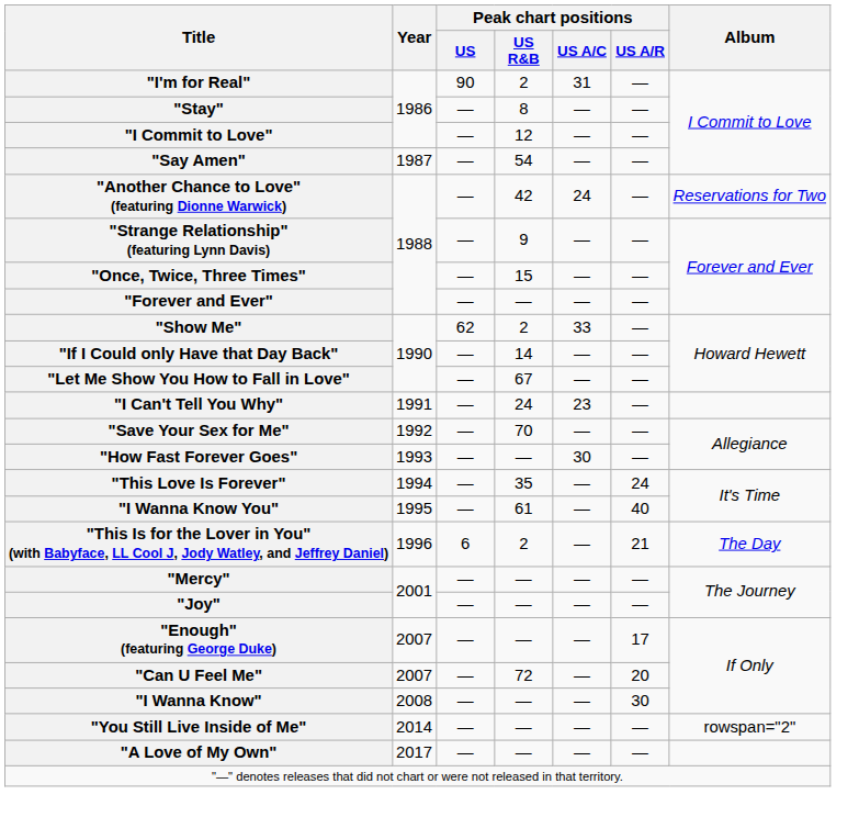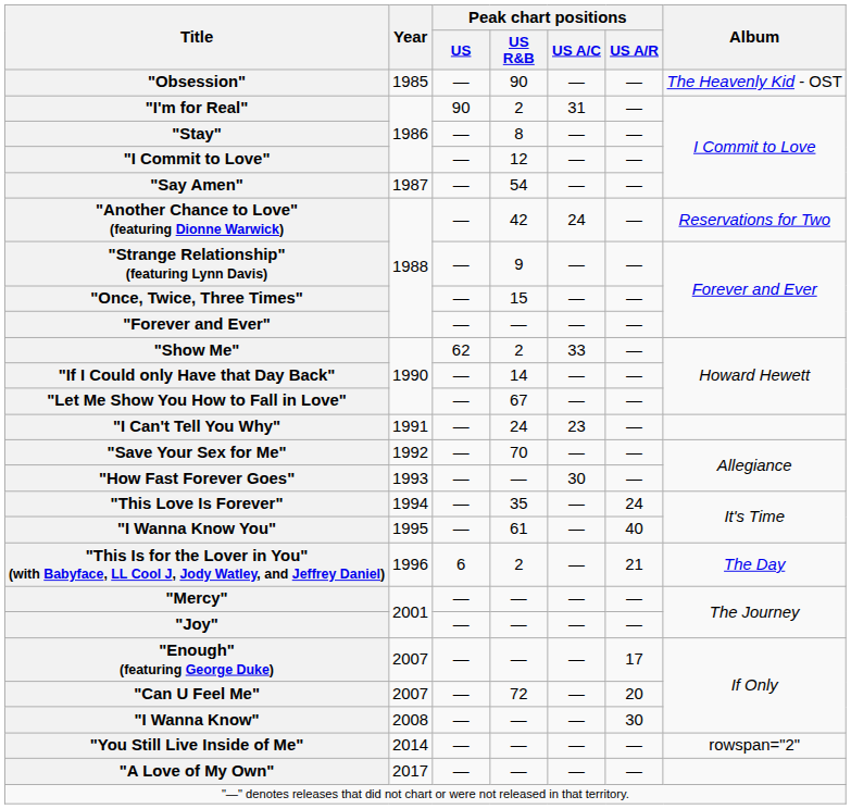 <table class="wikitable plainrowheaders" style="text-align: center;" border="1">
 <tr>
 <th rowspan="2">Title</th>
 <th rowspan="2">Year</th>
 <th colspan="4">Peak chart positions</th>
 <th rowspan="2">Album</th>
 </tr>
 <tr>
 <th scope="col" style="width:3.5em;font-size:90%;"><a href='#'>US</a><br></th>
 <th scope="col" style="width:3.5em;font-size:90%;"><a href='#'>US R&B</a><br></th>
 <th scope="col" style="width:3.5em;font-size:90%;"><a href='#'>US A/C</a><br></th>
 <th scope="col" style="width:3.5em;font-size:90%;"><a href='#'>US A/R</a><br></th>
+</tr>
+<tr>
+<th scope="row">"Obsession"</th>
+<td rowspan="1">1985</td>
+<td>—</td>
+<td>90</td>
+<td>—</td>
+<td>—</td>
+<td><em><a href='#'>The Heavenly Kid</a></em> - OST</td>
 </tr>
 <tr>
 <th scope="row">"I'm for Real"</th>
 <td rowspan="3">1986</td>
 <td>90</td>
 <td>2</td>
 <td>31</td>
 <td>—</td>
 <td rowspan="4"><em><a href='#'>I Commit to Love</a></em></td>
 </tr>
 <tr>
 <th scope="row">"Stay"</th>
 <td>—</td>
 <td>8</td>
 <td>—</td>
 <td>—</td>
 </tr>
 <tr>
 <th scope="row">"I Commit to Love"</th>
 <td>—</td>
 <td>12</td>
 <td>—</td>
 <td>—</td>
 </tr>
 <tr>
 <th scope="row">"Say Amen"</th>
 <td rowspan="1">1987</td>
 <td>—</td>
 <td>54</td>
 <td>—</td>
 <td>—</td>
 </tr>
 <tr>
 <th scope="row">"Another Chance to Love"<br><small>(featuring <a href='#'>Dionne Warwick</a>)</small></th>
 <td rowspan="4">1988</td>
 <td>—</td>
 <td>42</td>
 <td>24</td>
 <td>—</td>
 <td rowspan="1"><em><a href='#'>Reservations for Two</a></em></td>
 </tr>
 <tr>
 <th scope="row">"Strange Relationship"<br><small>(featuring Lynn Davis)</small></th>
 <td>—</td>
 <td>9</td>
 <td>—</td>
 <td>—</td>
 <td rowspan="3"><em><a href='#'>Forever and Ever</a></em></td>
 </tr>
 <tr>
 <th scope="row">"Once, Twice, Three Times"</th>
 <td>—</td>
 <td>15</td>
 <td>—</td>
 <td>—</td>
 </tr>
 <tr>
 <th scope="row">"Forever and Ever"</th>
 <td>—</td>
 <td>—</td>
 <td>—</td>
 <td>—</td>
 </tr>
 <tr>
 <th scope="row">"Show Me"</th>
 <td rowspan="3">1990</td>
 <td>62</td>
 <td>2</td>
 <td>33</td>
 <td>—</td>
 <td rowspan="3"><em>Howard Hewett</em></td>
 </tr>
 <tr>
 <th scope="row">"If I Could only Have that Day Back"</th>
 <td>—</td>
 <td>14</td>
 <td>—</td>
 <td>—</td>
 </tr>
 <tr>
 <th scope="row">"Let Me Show You How to Fall in Love"</th>
 <td>—</td>
 <td>67</td>
 <td>—</td>
 <td>—</td>
 </tr>
 <tr>
 <th scope="row">"I Can't Tell You Why"</th>
 <td rowspan="1">1991</td>
 <td>—</td>
 <td>24</td>
 <td>23</td>
 <td>—</td>
 <td></td>
 </tr>
 <tr>
 <th scope="row">"Save Your Sex for Me"</th>
 <td rowspan="1">1992</td>
 <td>—</td>
 <td>70</td>
 <td>—</td>
 <td>—</td>
 <td rowspan="2"><em>Allegiance</em></td>
 </tr>
 <tr>
 <th scope="row">"How Fast Forever Goes"</th>
 <td rowspan="1">1993</td>
 <td>—</td>
 <td>—</td>
 <td>30</td>
 <td>—</td>
 </tr>
 <tr>
 <th scope="row">"This Love Is Forever"</th>
 <td rowspan="1">1994</td>
 <td>—</td>
 <td>35</td>
 <td>—</td>
 <td>24</td>
 <td rowspan="2"><em>It's Time</em></td>
 </tr>
 <tr>
 <th scope="row">"I Wanna Know You"</th>
 <td rowspan="1">1995</td>
 <td>—</td>
 <td>61</td>
 <td>—</td>
 <td>40</td>
 </tr>
 <tr>
 <th scope="row">"This Is for the Lover in You"<br><small>(with <a href='#'>Babyface</a>, <a href='#'>LL Cool J</a>, <a href='#'>Jody Watley</a>, and <a href='#'>Jeffrey Daniel</a>)</small></th>
 <td rowspan="1">1996</td>
 <td>6</td>
 <td>2</td>
 <td>—</td>
 <td>21</td>
 <td rowspan="1"><em><a href='#'>The Day</a></em></td>
 </tr>
 <tr>
 <th scope="row">"Mercy"</th>
 <td rowspan="2">2001</td>
 <td>—</td>
 <td>—</td>
 <td>—</td>
 <td>—</td>
 <td rowspan="2"><em>The Journey</em></td>
 </tr>
 <tr>
 <th scope="row">"Joy"</th>
 <td>—</td>
 <td>—</td>
 <td>—</td>
 <td>—</td>
 </tr>
 <tr>
 <th scope="row">"Enough"<br><small>(featuring <a href='#'>George Duke</a>)</small></th>
 <td rowspan="1">2007</td>
 <td>—</td>
 <td>—</td>
 <td>—</td>
 <td>17</td>
 <td rowspan="3"><em>If Only</em></td>
 </tr>
 <tr>
 <th scope="row">"Can U Feel Me"</th>
 <td rowspan="1">2007</td>
 <td>—</td>
 <td>72</td>
 <td>—</td>
 <td>20</td>
 </tr>
 <tr>
 <th scope="row">"I Wanna Know"</th>
 <td rowspan="1">2008</td>
 <td>—</td>
 <td>—</td>
 <td>—</td>
 <td>30</td>
 </tr>
 <tr>
 <th scope="row">"You Still Live Inside of Me"</th>
 <td rowspan="1">2014</td>
 <td>—</td>
 <td>—</td>
 <td>—</td>
 <td>—</td>
 <td>rowspan="2" </td>
 </tr>
 <tr>
 <th scope="row">"A Love of My Own"</th>
 <td rowspan="1">2017</td>
 <td>—</td>
 <td>—</td>
 <td>—</td>
 <td>—</td>
 </tr>
 <tr>
 <td colspan="7" style="text-align:center; font-size:9pt;">"—" denotes releases that did not chart or were not released in that territory.</td>
 </tr>
 </table>
